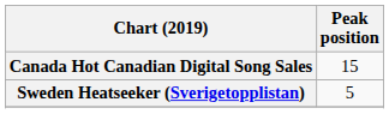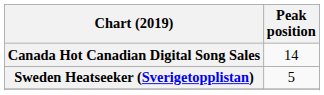 <table class="wikitable sortable plainrowheaders">
 <tr>
 <th>Chart (2019)</th>
 <th>Peak<br>position</th>
 </tr>
 <tr>
 <th scope="row">Canada Hot Canadian Digital Song Sales</th>
-<td align="center">15</td>
+<td align="center">14</td>
 </tr>
 <tr>
 <th scope="row">Sweden Heatseeker (<a href='#'>Sverigetopplistan</a>)</th>
 <td align=center>5</td>
 </tr>
 <tr>
 </tr>
 <tr>
 </tr>
 </table>
